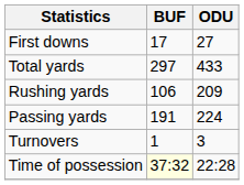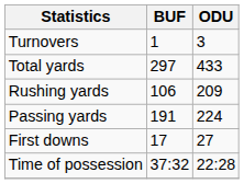 <table class="wikitable">
 <tr>
 <th>Statistics</th>
 <th>BUF</th>
 <th>ODU</th>
 </tr>
 <tr>
-<td>First downs</td>
-<td>17</td>
-<td>27</td>
+<td>Turnovers</td>
+<td>1</td>
+<td>3</td>
 </tr>
 <tr>
 <td>Total yards</td>
 <td>297</td>
 <td>433</td>
 </tr>
 <tr>
 <td>Rushing yards</td>
 <td>106</td>
 <td>209</td>
 </tr>
 <tr>
 <td>Passing yards</td>
 <td>191</td>
 <td>224</td>
 </tr>
 <tr>
-<td>Turnovers</td>
-<td>1</td>
-<td>3</td>
+<td>First downs</td>
+<td>17</td>
+<td>27</td>
 </tr>
 <tr>
 <td>Time of possession</td>
-<td style="background: lightyellow;">37:32</td>
+<td>37:32</td>
 <td>22:28</td>
 </tr>
 <tr>
 </tr>
 </table>
